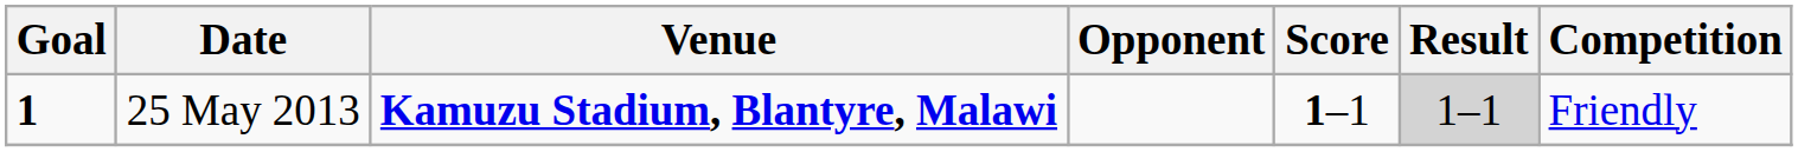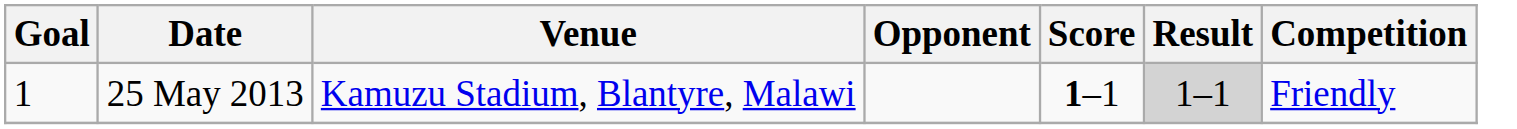 <table class="wikitable plainrowheaders sortable">
 <tr>
 <th>Goal</th>
 <th>Date</th>
 <th>Venue</th>
 <th>Opponent</th>
 <th>Score</th>
 <th>Result</th>
 <th>Competition</th>
 </tr>
 <tr>
-<td><strong>1</strong></td>
+<td>1</td>
 <td>25 May 2013</td>
-<td><strong><a href='#'>Kamuzu Stadium</a>, <a href='#'>Blantyre</a>, <a href='#'>Malawi</a></strong></td>
+<td><a href='#'>Kamuzu Stadium</a>, <a href='#'>Blantyre</a>, <a href='#'>Malawi</a></td>
 <td></td>
 <td align=center><strong>1</strong>–1</td>
 <td align=center style="background: lightgrey;">1–1</td>
 <td><a href='#'>Friendly</a></td>
 </tr>
 <tr>
 </tr>
 </table>
